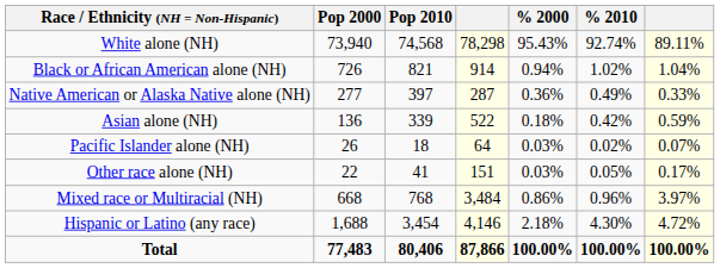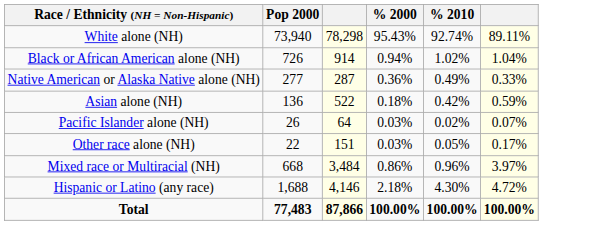 <table class="wikitable" style="text-align:center;">
 <tr>
 <th>Race / Ethnicity <small>(<em>NH = Non-Hispanic</em>)</small></th>
 <th>Pop 2000</th>
-<th>Pop 2010</th>
 <th></th>
 <th>% 2000</th>
 <th>% 2010</th>
 <th></th>
 </tr>
 <tr>
 <td><a href='#'>White</a> alone (NH)</td>
 <td>73,940</td>
-<td>74,568</td>
 <td style='background: #ffffe6;'>78,298</td>
 <td>95.43%</td>
 <td>92.74%</td>
 <td style='background: #ffffe6;'>89.11%</td>
 </tr>
 <tr>
 <td><a href='#'>Black or African American</a> alone (NH)</td>
 <td>726</td>
-<td>821</td>
 <td style='background: #ffffe6;'>914</td>
 <td>0.94%</td>
 <td>1.02%</td>
 <td style='background: #ffffe6;'>1.04%</td>
 </tr>
 <tr>
 <td><a href='#'>Native American</a> or <a href='#'>Alaska Native</a> alone (NH)</td>
 <td>277</td>
-<td>397</td>
 <td style='background: #ffffe6;'>287</td>
 <td>0.36%</td>
 <td>0.49%</td>
 <td style='background: #ffffe6;'>0.33%</td>
 </tr>
 <tr>
 <td><a href='#'>Asian</a> alone (NH)</td>
 <td>136</td>
-<td>339</td>
 <td style='background: #ffffe6;'>522</td>
 <td>0.18%</td>
 <td>0.42%</td>
 <td style='background: #ffffe6;'>0.59%</td>
 </tr>
 <tr>
 <td><a href='#'>Pacific Islander</a> alone (NH)</td>
 <td>26</td>
-<td>18</td>
 <td style='background: #ffffe6;'>64</td>
 <td>0.03%</td>
 <td>0.02%</td>
 <td style='background: #ffffe6;'>0.07%</td>
 </tr>
 <tr>
 <td><a href='#'>Other race</a> alone (NH)</td>
 <td>22</td>
-<td>41</td>
 <td style='background: #ffffe6;'>151</td>
 <td>0.03%</td>
 <td>0.05%</td>
 <td style='background: #ffffe6;'>0.17%</td>
 </tr>
 <tr>
 <td><a href='#'>Mixed race or Multiracial</a> (NH)</td>
 <td>668</td>
-<td>768</td>
 <td style='background: #ffffe6;'>3,484</td>
 <td>0.86%</td>
 <td>0.96%</td>
 <td style='background: #ffffe6;'>3.97%</td>
 </tr>
 <tr>
 <td><a href='#'>Hispanic or Latino</a> (any race)</td>
 <td>1,688</td>
-<td>3,454</td>
 <td style='background: #ffffe6;'>4,146</td>
 <td>2.18%</td>
 <td>4.30%</td>
 <td style='background: #ffffe6;'>4.72%</td>
 </tr>
 <tr>
 <td><strong>Total</strong></td>
 <td><strong>77,483</strong></td>
-<td><strong>80,406</strong></td>
 <td style='background: #ffffe6;'><strong>87,866</strong></td>
 <td><strong>100.00%</strong></td>
 <td><strong>100.00%</strong></td>
 <td style='background: #ffffe6;'><strong>100.00%</strong></td>
 </tr>
 </table>
